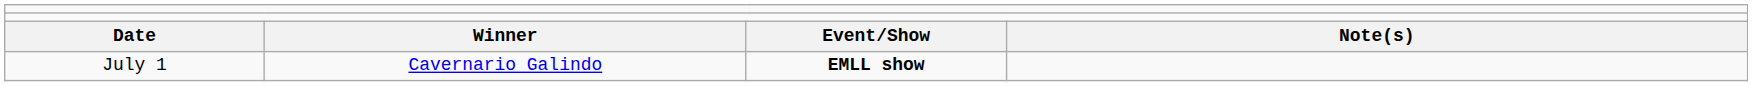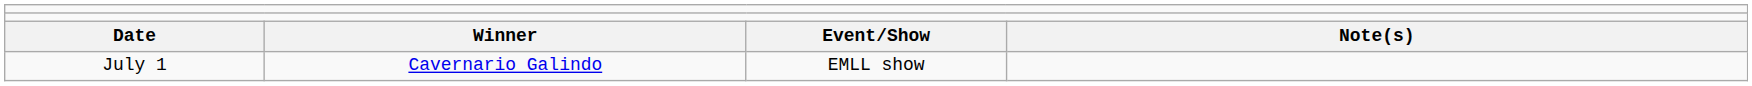 <table class="wikitable" style="text-align:center; width:100%;">
 <tr>
 <td colspan=5></td>
 </tr>
 <tr>
 <td colspan=5><strong></strong></td>
 </tr>
 <tr>
 <th width=14%>Date</th>
 <th width=26%>Winner</th>
 <th width=14%>Event/Show</th>
 <th width=40%>Note(s)</th>
 </tr>
 <tr>
 <td>July 1</td>
 <td><a href='#'>Cavernario Galindo</a></td>
-<td><strong>EMLL show</strong></td>
+<td>EMLL show</td>
 <td align=left></td>
 </tr>
 </table>
